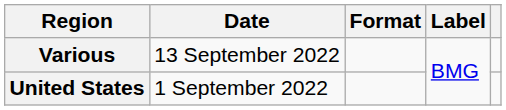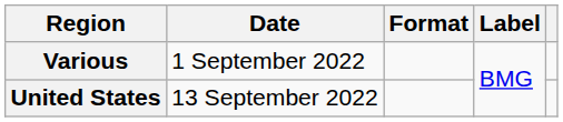 <table class="wikitable plainrowheaders">
 <tr>
 <th scope="col">Region</th>
 <th scope="col">Date</th>
 <th scope="col">Format</th>
 <th scope="col">Label</th>
 <th scope="col"></th>
 </tr>
 <tr>
 <th scope="row">Various</th>
-<td>13 September 2022</td>
+<td>1 September 2022</td>
 <td></td>
 <td rowspan="2"><a href='#'>BMG</a></td>
 <td></td>
 </tr>
 <tr>
 <th scope="row">United States</th>
-<td>1 September 2022</td>
+<td>13 September 2022</td>
 <td></td>
 <td></td>
 </tr>
 </table>
